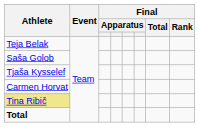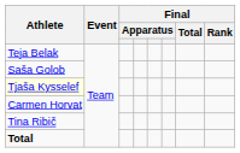 <table class="wikitable" style="font-size:90%">
 <tr>
 <th rowspan=3>Athlete</th>
 <th rowspan=3>Event</th>
 <th colspan=6>Final</th>
 </tr>
 <tr style="font-size:95%">
 <th colspan=4>Apparatus</th>
 <th rowspan=2>Total</th>
 <th rowspan=2>Rank</th>
 </tr>
 <tr style="font-size:95%">
 <th></th>
 <th></th>
 <th></th>
 <th></th>
 </tr>
 <tr align=center>
 <td align=left><a href='#'>Teja Belak</a></td>
 <td align=left rowspan=6><a href='#'>Team</a></td>
 <td></td>
 <td></td>
 <td></td>
 <td></td>
 <td></td>
 <td></td>
 </tr>
 <tr align=center>
 <td align=left><a href='#'>Saša Golob</a></td>
 <td></td>
 <td></td>
 <td></td>
 <td></td>
 <td></td>
 <td></td>
 </tr>
 <tr align=center>
-<td align=left><a href='#'>Tjaša Kysselef</a></td>
+<td align=left style="background: lightyellow;"><a href='#'>Tjaša Kysselef</a></td>
 <td></td>
 <td></td>
 <td></td>
 <td></td>
 <td></td>
 <td></td>
 </tr>
 <tr align=center>
 <td align=left><a href='#'>Carmen Horvat</a></td>
 <td></td>
 <td></td>
 <td></td>
 <td></td>
 <td></td>
 <td></td>
 </tr>
 <tr align=center>
-<td align=left style="background: khaki;"><a href='#'>Tina Ribič</a></td>
+<td align=left><a href='#'>Tina Ribič</a></td>
 <td></td>
 <td></td>
 <td></td>
 <td></td>
 <td></td>
 <td></td>
 </tr>
 <tr align=center>
 <td align=left><strong>Total</strong></td>
 <td></td>
 <td></td>
 <td></td>
 <td></td>
 <td></td>
 <td></td>
 </tr>
 </table>
